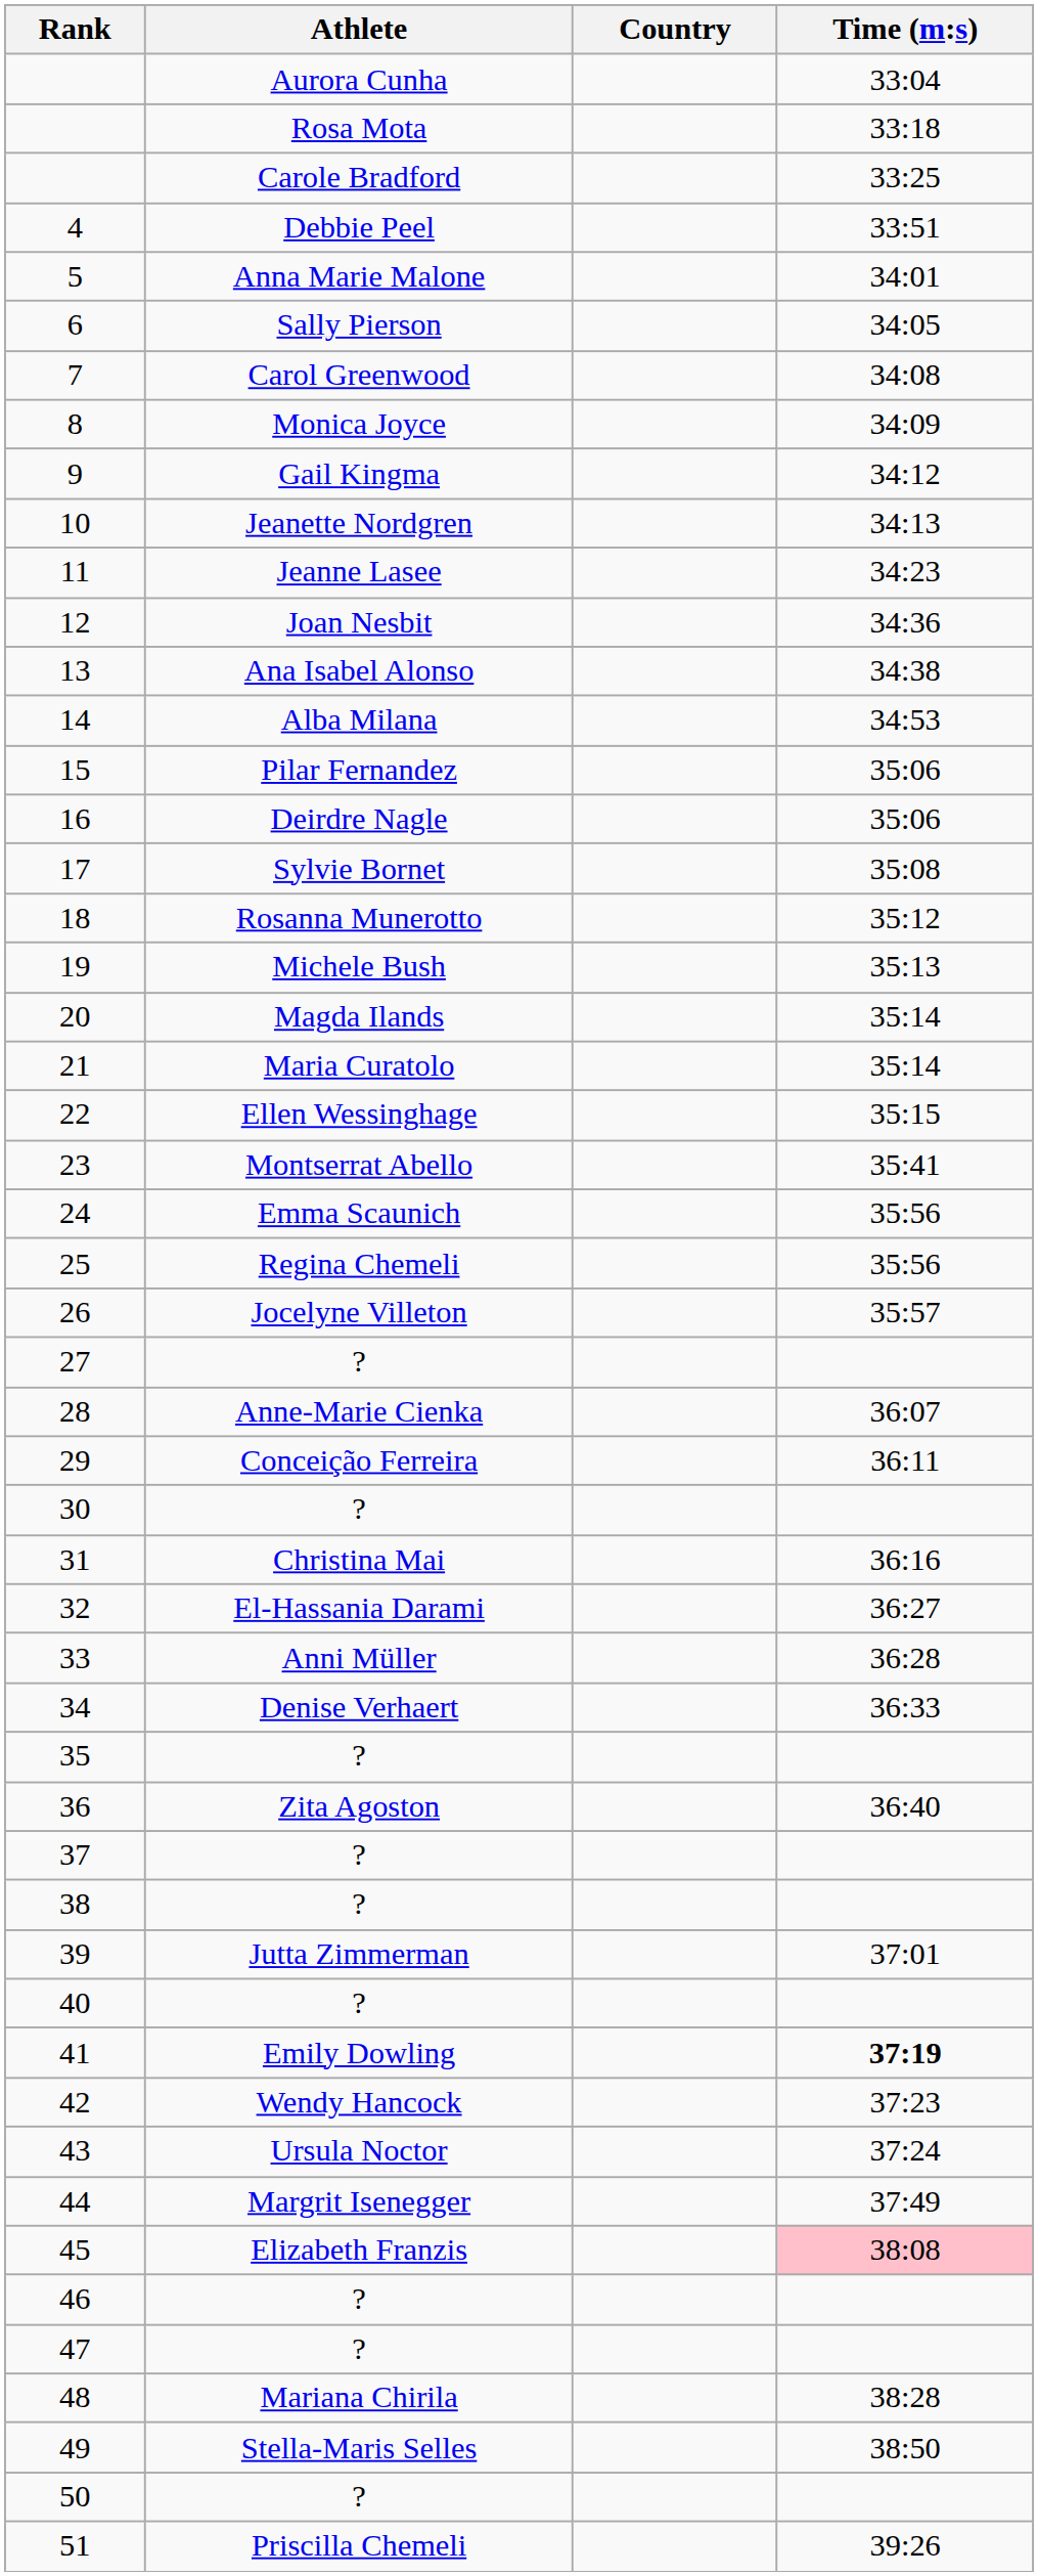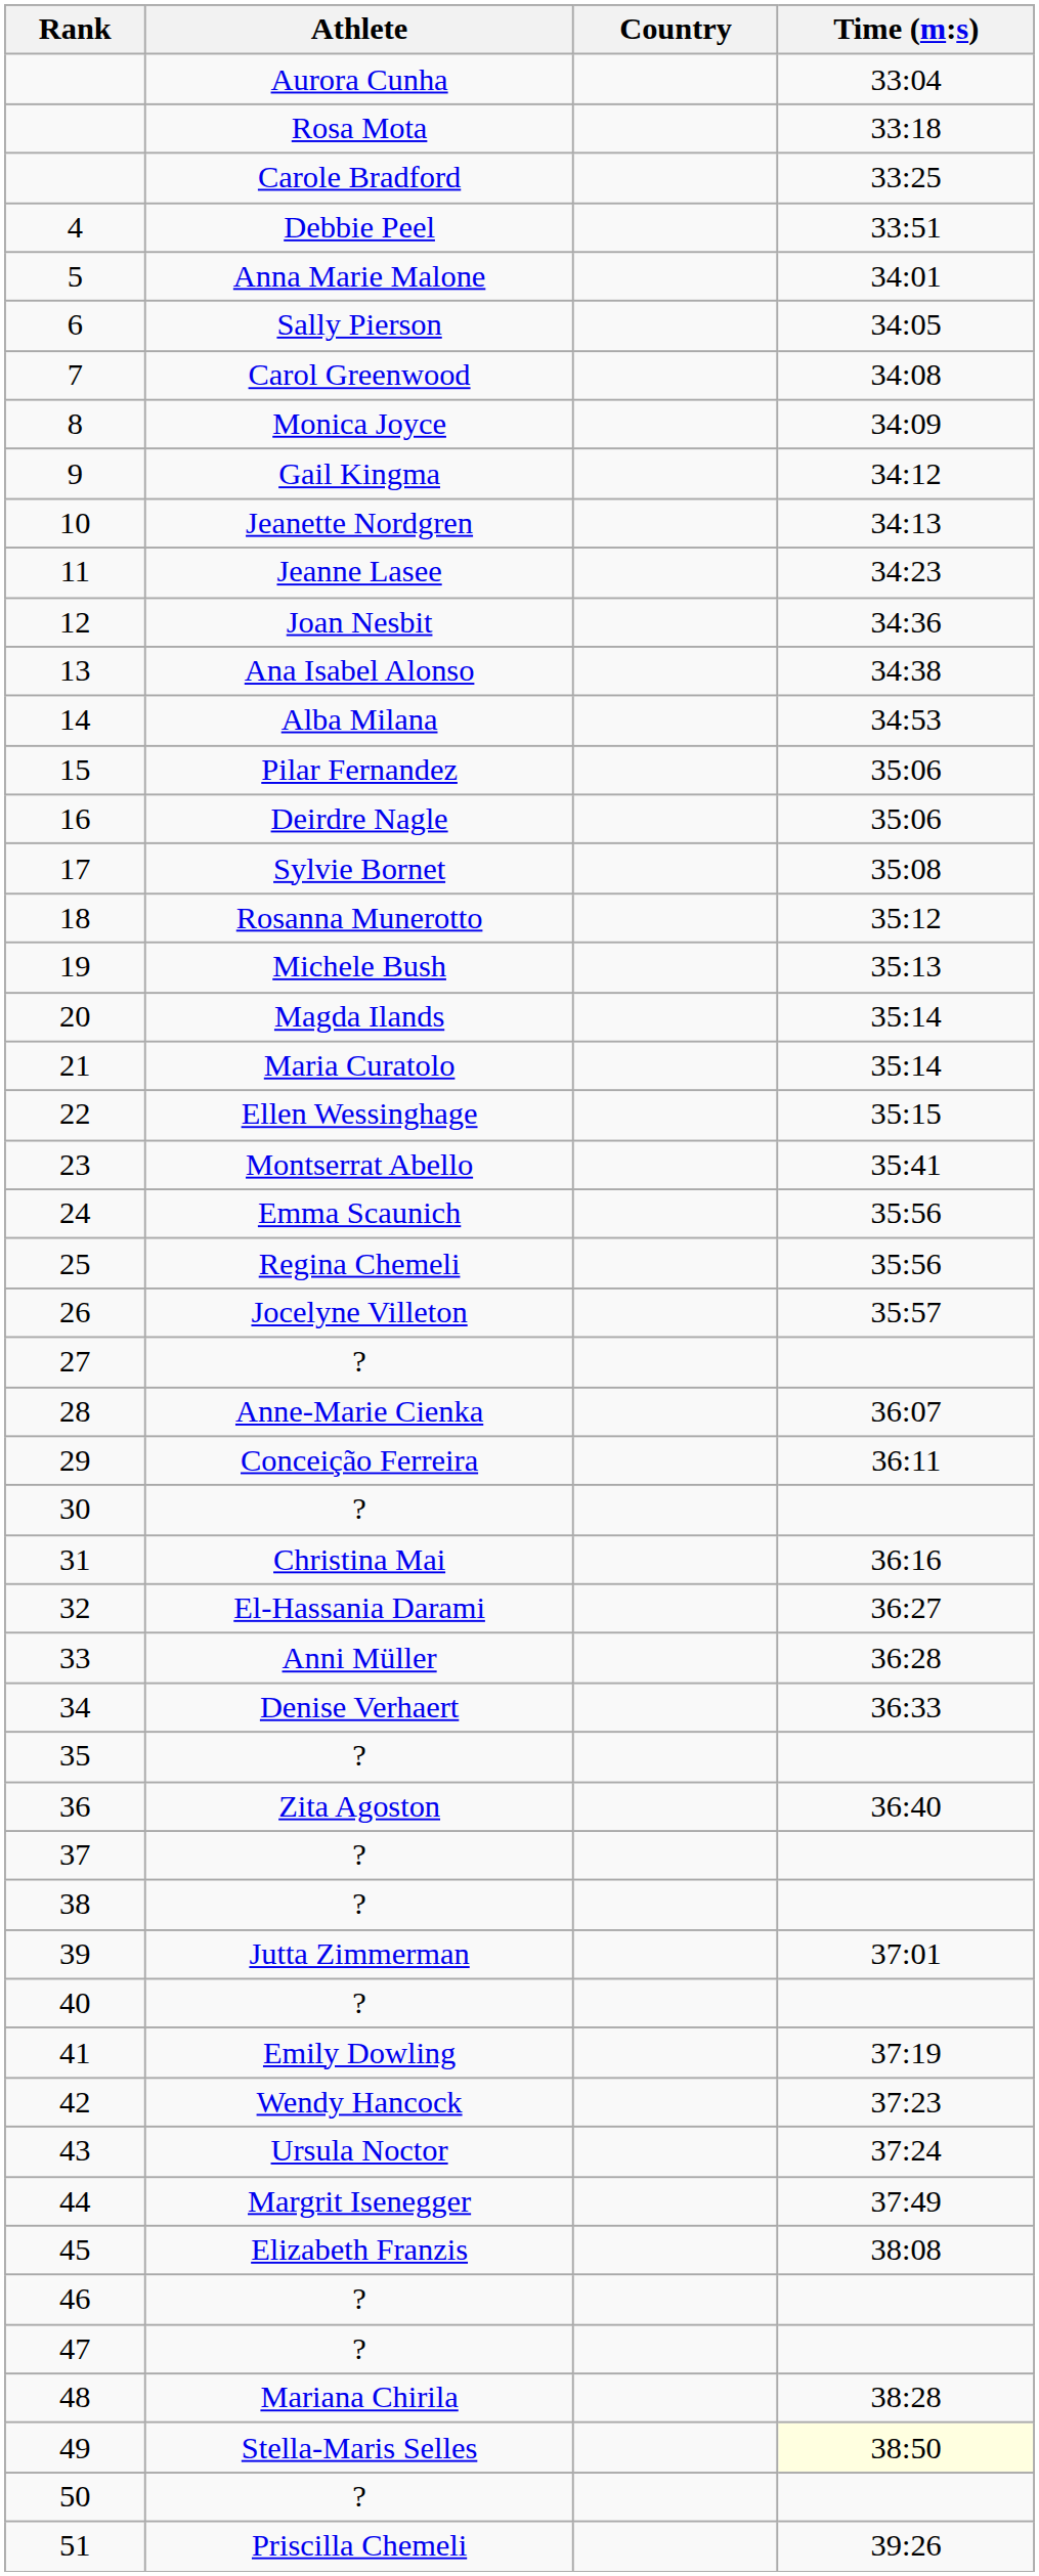 <table class="wikitable sortable" style="text-align:center;" width="60%">
 <tr>
 <th>Rank</th>
 <th>Athlete</th>
 <th>Country</th>
 <th>Time (<a href='#'>m</a>:<a href='#'>s</a>)</th>
 </tr>
 <tr>
 <td></td>
 <td><a href='#'>Aurora Cunha</a></td>
 <td align=left></td>
 <td>33:04</td>
 </tr>
 <tr>
 <td></td>
 <td><a href='#'>Rosa Mota</a></td>
 <td align=left></td>
 <td>33:18</td>
 </tr>
 <tr>
 <td></td>
 <td><a href='#'>Carole Bradford</a></td>
 <td align=left></td>
 <td>33:25</td>
 </tr>
 <tr>
 <td>4</td>
 <td><a href='#'>Debbie Peel</a></td>
 <td align=left></td>
 <td>33:51</td>
 </tr>
 <tr>
 <td>5</td>
 <td><a href='#'>Anna Marie Malone</a></td>
 <td align=left></td>
 <td>34:01</td>
 </tr>
 <tr>
 <td>6</td>
 <td><a href='#'>Sally Pierson</a></td>
 <td align=left></td>
 <td>34:05</td>
 </tr>
 <tr>
 <td>7</td>
 <td><a href='#'>Carol Greenwood</a></td>
 <td align=left></td>
 <td>34:08</td>
 </tr>
 <tr>
 <td>8</td>
 <td><a href='#'>Monica Joyce</a></td>
 <td align=left></td>
 <td>34:09</td>
 </tr>
 <tr>
 <td>9</td>
 <td><a href='#'>Gail Kingma</a></td>
 <td align=left></td>
 <td>34:12</td>
 </tr>
 <tr>
 <td>10</td>
 <td><a href='#'>Jeanette Nordgren</a></td>
 <td align=left></td>
 <td>34:13</td>
 </tr>
 <tr>
 <td>11</td>
 <td><a href='#'>Jeanne Lasee</a></td>
 <td align=left></td>
 <td>34:23</td>
 </tr>
 <tr>
 <td>12</td>
 <td><a href='#'>Joan Nesbit</a></td>
 <td align=left></td>
 <td>34:36</td>
 </tr>
 <tr>
 <td>13</td>
 <td><a href='#'>Ana Isabel Alonso</a></td>
 <td align=left></td>
 <td>34:38</td>
 </tr>
 <tr>
 <td>14</td>
 <td><a href='#'>Alba Milana</a></td>
 <td align=left></td>
 <td>34:53</td>
 </tr>
 <tr>
 <td>15</td>
 <td><a href='#'>Pilar Fernandez</a></td>
 <td align=left></td>
 <td>35:06</td>
 </tr>
 <tr>
 <td>16</td>
 <td><a href='#'>Deirdre Nagle</a></td>
 <td align=left></td>
 <td>35:06</td>
 </tr>
 <tr>
 <td>17</td>
 <td><a href='#'>Sylvie Bornet</a></td>
 <td align=left></td>
 <td>35:08</td>
 </tr>
 <tr>
 <td>18</td>
 <td><a href='#'>Rosanna Munerotto</a></td>
 <td align=left></td>
 <td>35:12</td>
 </tr>
 <tr>
 <td>19</td>
 <td><a href='#'>Michele Bush</a></td>
 <td align=left></td>
 <td>35:13</td>
 </tr>
 <tr>
 <td>20</td>
 <td><a href='#'>Magda Ilands</a></td>
 <td align=left></td>
 <td>35:14</td>
 </tr>
 <tr>
 <td>21</td>
 <td><a href='#'>Maria Curatolo</a></td>
 <td align=left></td>
 <td>35:14</td>
 </tr>
 <tr>
 <td>22</td>
 <td><a href='#'>Ellen Wessinghage</a></td>
 <td align=left></td>
 <td>35:15</td>
 </tr>
 <tr>
 <td>23</td>
 <td><a href='#'>Montserrat Abello</a></td>
 <td align=left></td>
 <td>35:41</td>
 </tr>
 <tr>
 <td>24</td>
 <td><a href='#'>Emma Scaunich</a></td>
 <td align=left></td>
 <td>35:56</td>
 </tr>
 <tr>
 <td>25</td>
 <td><a href='#'>Regina Chemeli</a></td>
 <td align=left></td>
 <td>35:56</td>
 </tr>
 <tr>
 <td>26</td>
 <td><a href='#'>Jocelyne Villeton</a></td>
 <td align=left></td>
 <td>35:57</td>
 </tr>
 <tr>
 <td>27</td>
 <td>?</td>
 <td></td>
 <td></td>
 </tr>
 <tr>
 <td>28</td>
 <td><a href='#'>Anne-Marie Cienka</a></td>
 <td align=left></td>
 <td>36:07</td>
 </tr>
 <tr>
 <td>29</td>
 <td><a href='#'>Conceição Ferreira</a></td>
 <td align=left></td>
 <td>36:11</td>
 </tr>
 <tr>
 <td>30</td>
 <td>?</td>
 <td></td>
 <td></td>
 </tr>
 <tr>
 <td>31</td>
 <td><a href='#'>Christina Mai</a></td>
 <td align=left></td>
 <td>36:16</td>
 </tr>
 <tr>
 <td>32</td>
 <td><a href='#'>El-Hassania Darami</a></td>
 <td align=left></td>
 <td>36:27</td>
 </tr>
 <tr>
 <td>33</td>
 <td><a href='#'>Anni Müller</a></td>
 <td align=left></td>
 <td>36:28</td>
 </tr>
 <tr>
 <td>34</td>
 <td><a href='#'>Denise Verhaert</a></td>
 <td align=left></td>
 <td>36:33</td>
 </tr>
 <tr>
 <td>35</td>
 <td>?</td>
 <td></td>
 <td></td>
 </tr>
 <tr>
 <td>36</td>
 <td><a href='#'>Zita Agoston</a></td>
 <td align=left></td>
 <td>36:40</td>
 </tr>
 <tr>
 <td>37</td>
 <td>?</td>
 <td></td>
 <td></td>
 </tr>
 <tr>
 <td>38</td>
 <td>?</td>
 <td></td>
 <td></td>
 </tr>
 <tr>
 <td>39</td>
 <td><a href='#'>Jutta Zimmerman</a></td>
 <td align=left></td>
 <td>37:01</td>
 </tr>
 <tr>
 <td>40</td>
 <td>?</td>
 <td></td>
 <td></td>
 </tr>
 <tr>
 <td>41</td>
 <td><a href='#'>Emily Dowling</a></td>
 <td align=left></td>
-<td><strong>37:19</strong></td>
+<td>37:19</td>
 </tr>
 <tr>
 <td>42</td>
 <td><a href='#'>Wendy Hancock</a></td>
 <td align=left></td>
 <td>37:23</td>
 </tr>
 <tr>
 <td>43</td>
 <td><a href='#'>Ursula Noctor</a></td>
 <td align=left></td>
 <td>37:24</td>
 </tr>
 <tr>
 <td>44</td>
 <td><a href='#'>Margrit Isenegger</a></td>
 <td align=left></td>
 <td>37:49</td>
 </tr>
 <tr>
 <td>45</td>
 <td><a href='#'>Elizabeth Franzis</a></td>
 <td align=left></td>
-<td style="background: pink;">38:08</td>
+<td>38:08</td>
 </tr>
 <tr>
 <td>46</td>
 <td>?</td>
 <td></td>
 <td></td>
 </tr>
 <tr>
 <td>47</td>
 <td>?</td>
 <td></td>
 <td></td>
 </tr>
 <tr>
 <td>48</td>
 <td><a href='#'>Mariana Chirila</a></td>
 <td align=left></td>
 <td>38:28</td>
 </tr>
 <tr>
 <td>49</td>
 <td><a href='#'>Stella-Maris Selles</a></td>
 <td align=left></td>
-<td>38:50</td>
+<td style="background: lightyellow;">38:50</td>
 </tr>
 <tr>
 <td>50</td>
 <td>?</td>
 <td></td>
 <td></td>
 </tr>
 <tr>
 <td>51</td>
 <td><a href='#'>Priscilla Chemeli</a></td>
 <td align=left></td>
 <td>39:26</td>
 </tr>
 <tr>
 </tr>
 </table>
